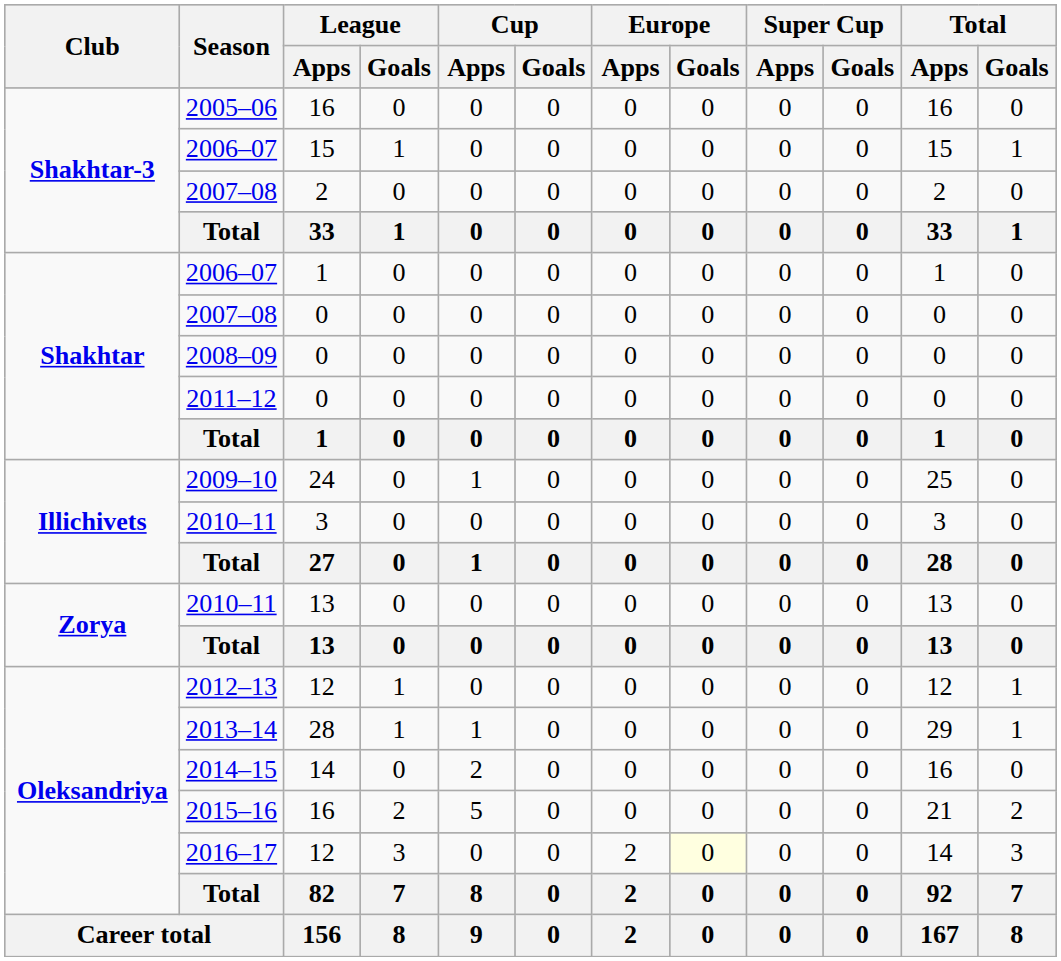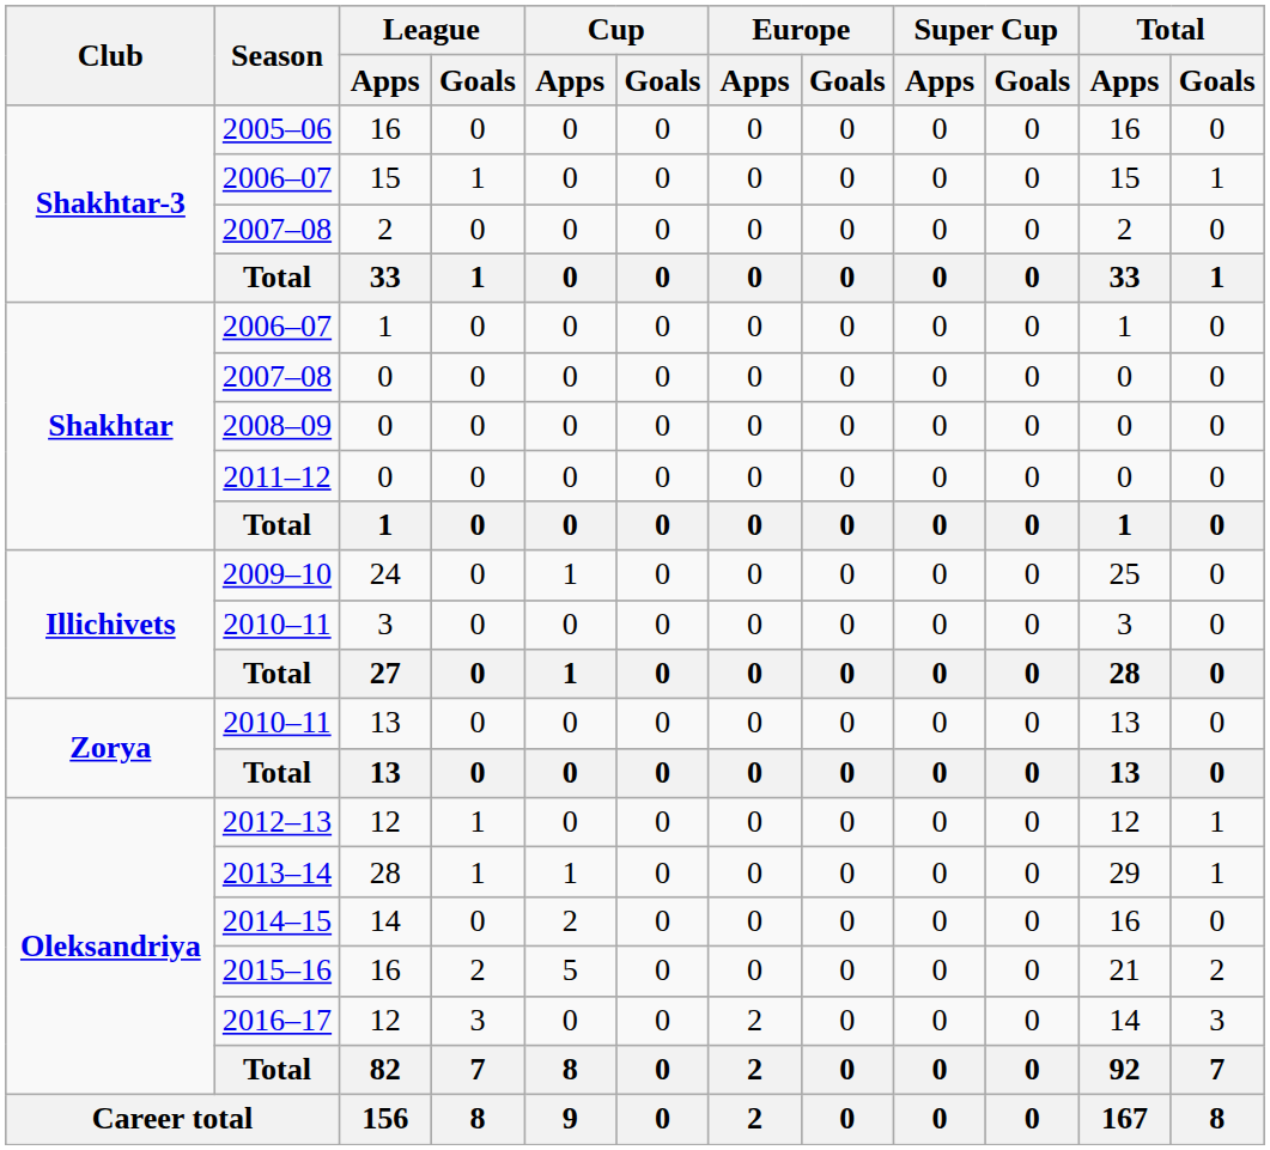 <table class="wikitable" style="font-size:100%; text-align: center;">
 <tr>
 <th rowspan="2" width="100">Club</th>
 <th rowspan="2">Season</th>
 <th colspan="2">League</th>
 <th colspan="2">Cup</th>
 <th colspan="2">Europe</th>
 <th colspan="2">Super Cup</th>
 <th colspan="2">Total</th>
 </tr>
 <tr>
 <th width="40">Apps</th>
 <th width="40">Goals</th>
 <th width="40">Apps</th>
 <th width="40">Goals</th>
 <th width="40">Apps</th>
 <th width="40">Goals</th>
 <th width="40">Apps</th>
 <th width="40">Goals</th>
 <th width="40">Apps</th>
 <th width="40">Goals</th>
 </tr>
 <tr>
 <td rowspan="4"><strong><a href='#'>Shakhtar-3</a></strong></td>
 <td><a href='#'>2005–06</a></td>
 <td>16</td>
 <td>0</td>
 <td>0</td>
 <td>0</td>
 <td>0</td>
 <td>0</td>
 <td>0</td>
 <td>0</td>
 <td>16</td>
 <td>0</td>
 </tr>
 <tr>
 <td><a href='#'>2006–07</a></td>
 <td>15</td>
 <td>1</td>
 <td>0</td>
 <td>0</td>
 <td>0</td>
 <td>0</td>
 <td>0</td>
 <td>0</td>
 <td>15</td>
 <td>1</td>
 </tr>
 <tr>
 <td><a href='#'>2007–08</a></td>
 <td>2</td>
 <td>0</td>
 <td>0</td>
 <td>0</td>
 <td>0</td>
 <td>0</td>
 <td>0</td>
 <td>0</td>
 <td>2</td>
 <td>0</td>
 </tr>
 <tr>
 <th>Total</th>
 <th>33</th>
 <th>1</th>
 <th>0</th>
 <th>0</th>
 <th>0</th>
 <th>0</th>
 <th>0</th>
 <th>0</th>
 <th>33</th>
 <th>1</th>
 </tr>
 <tr>
 <td rowspan="5"><strong><a href='#'>Shakhtar</a></strong></td>
 <td><a href='#'>2006–07</a></td>
 <td>1</td>
 <td>0</td>
 <td>0</td>
 <td>0</td>
 <td>0</td>
 <td>0</td>
 <td>0</td>
 <td>0</td>
 <td>1</td>
 <td>0</td>
 </tr>
 <tr>
 <td><a href='#'>2007–08</a></td>
 <td>0</td>
 <td>0</td>
 <td>0</td>
 <td>0</td>
 <td>0</td>
 <td>0</td>
 <td>0</td>
 <td>0</td>
 <td>0</td>
 <td>0</td>
 </tr>
 <tr>
 <td><a href='#'>2008–09</a></td>
 <td>0</td>
 <td>0</td>
 <td>0</td>
 <td>0</td>
 <td>0</td>
 <td>0</td>
 <td>0</td>
 <td>0</td>
 <td>0</td>
 <td>0</td>
 </tr>
 <tr>
 <td><a href='#'>2011–12</a></td>
 <td>0</td>
 <td>0</td>
 <td>0</td>
 <td>0</td>
 <td>0</td>
 <td>0</td>
 <td>0</td>
 <td>0</td>
 <td>0</td>
 <td>0</td>
 </tr>
 <tr>
 <th>Total</th>
 <th>1</th>
 <th>0</th>
 <th>0</th>
 <th>0</th>
 <th>0</th>
 <th>0</th>
 <th>0</th>
 <th>0</th>
 <th>1</th>
 <th>0</th>
 </tr>
 <tr>
 <td rowspan="3"><strong><a href='#'>Illichivets</a></strong></td>
 <td><a href='#'>2009–10</a></td>
 <td>24</td>
 <td>0</td>
 <td>1</td>
 <td>0</td>
 <td>0</td>
 <td>0</td>
 <td>0</td>
 <td>0</td>
 <td>25</td>
 <td>0</td>
 </tr>
 <tr>
 <td><a href='#'>2010–11</a></td>
 <td>3</td>
 <td>0</td>
 <td>0</td>
 <td>0</td>
 <td>0</td>
 <td>0</td>
 <td>0</td>
 <td>0</td>
 <td>3</td>
 <td>0</td>
 </tr>
 <tr>
 <th>Total</th>
 <th>27</th>
 <th>0</th>
 <th>1</th>
 <th>0</th>
 <th>0</th>
 <th>0</th>
 <th>0</th>
 <th>0</th>
 <th>28</th>
 <th>0</th>
 </tr>
 <tr>
 <td rowspan="2"><strong><a href='#'>Zorya</a></strong></td>
 <td><a href='#'>2010–11</a></td>
 <td>13</td>
 <td>0</td>
 <td>0</td>
 <td>0</td>
 <td>0</td>
 <td>0</td>
 <td>0</td>
 <td>0</td>
 <td>13</td>
 <td>0</td>
 </tr>
 <tr>
 <th>Total</th>
 <th>13</th>
 <th>0</th>
 <th>0</th>
 <th>0</th>
 <th>0</th>
 <th>0</th>
 <th>0</th>
 <th>0</th>
 <th>13</th>
 <th>0</th>
 </tr>
 <tr>
 <td rowspan="6"><strong><a href='#'>Oleksandriya</a></strong></td>
 <td><a href='#'>2012–13</a></td>
 <td>12</td>
 <td>1</td>
 <td>0</td>
 <td>0</td>
 <td>0</td>
 <td>0</td>
 <td>0</td>
 <td>0</td>
 <td>12</td>
 <td>1</td>
 </tr>
 <tr>
 <td><a href='#'>2013–14</a></td>
 <td>28</td>
 <td>1</td>
 <td>1</td>
 <td>0</td>
 <td>0</td>
 <td>0</td>
 <td>0</td>
 <td>0</td>
 <td>29</td>
 <td>1</td>
 </tr>
 <tr>
 <td><a href='#'>2014–15</a></td>
 <td>14</td>
 <td>0</td>
 <td>2</td>
 <td>0</td>
 <td>0</td>
 <td>0</td>
 <td>0</td>
 <td>0</td>
 <td>16</td>
 <td>0</td>
 </tr>
 <tr>
 <td><a href='#'>2015–16</a></td>
 <td>16</td>
 <td>2</td>
 <td>5</td>
 <td>0</td>
 <td>0</td>
 <td>0</td>
 <td>0</td>
 <td>0</td>
 <td>21</td>
 <td>2</td>
 </tr>
 <tr>
 <td><a href='#'>2016–17</a></td>
 <td>12</td>
 <td>3</td>
 <td>0</td>
 <td>0</td>
 <td>2</td>
-<td style="background: lightyellow;">0</td>
+<td>0</td>
 <td>0</td>
 <td>0</td>
 <td>14</td>
 <td>3</td>
 </tr>
 <tr>
 <th>Total</th>
 <th>82</th>
 <th>7</th>
 <th>8</th>
 <th>0</th>
 <th>2</th>
 <th>0</th>
 <th>0</th>
 <th>0</th>
 <th>92</th>
 <th>7</th>
 </tr>
 <tr>
 <th colspan="2">Career total</th>
 <th>156</th>
 <th>8</th>
 <th>9</th>
 <th>0</th>
 <th>2</th>
 <th>0</th>
 <th>0</th>
 <th>0</th>
 <th>167</th>
 <th>8</th>
 </tr>
 <tr>
 </tr>
 </table>
